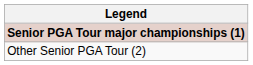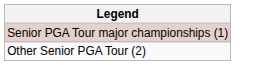 <table class="wikitable" style="font-size:95%;">
 <tr>
 <th>Legend</th>
 </tr>
 <tr style="background:#e5d1cb;">
-<td><strong>Senior PGA Tour major championships (1)</strong></td>
+<td>Senior PGA Tour major championships (1)</td>
 </tr>
 <tr>
 <td>Other Senior PGA Tour (2)</td>
 </tr>
 </table>
